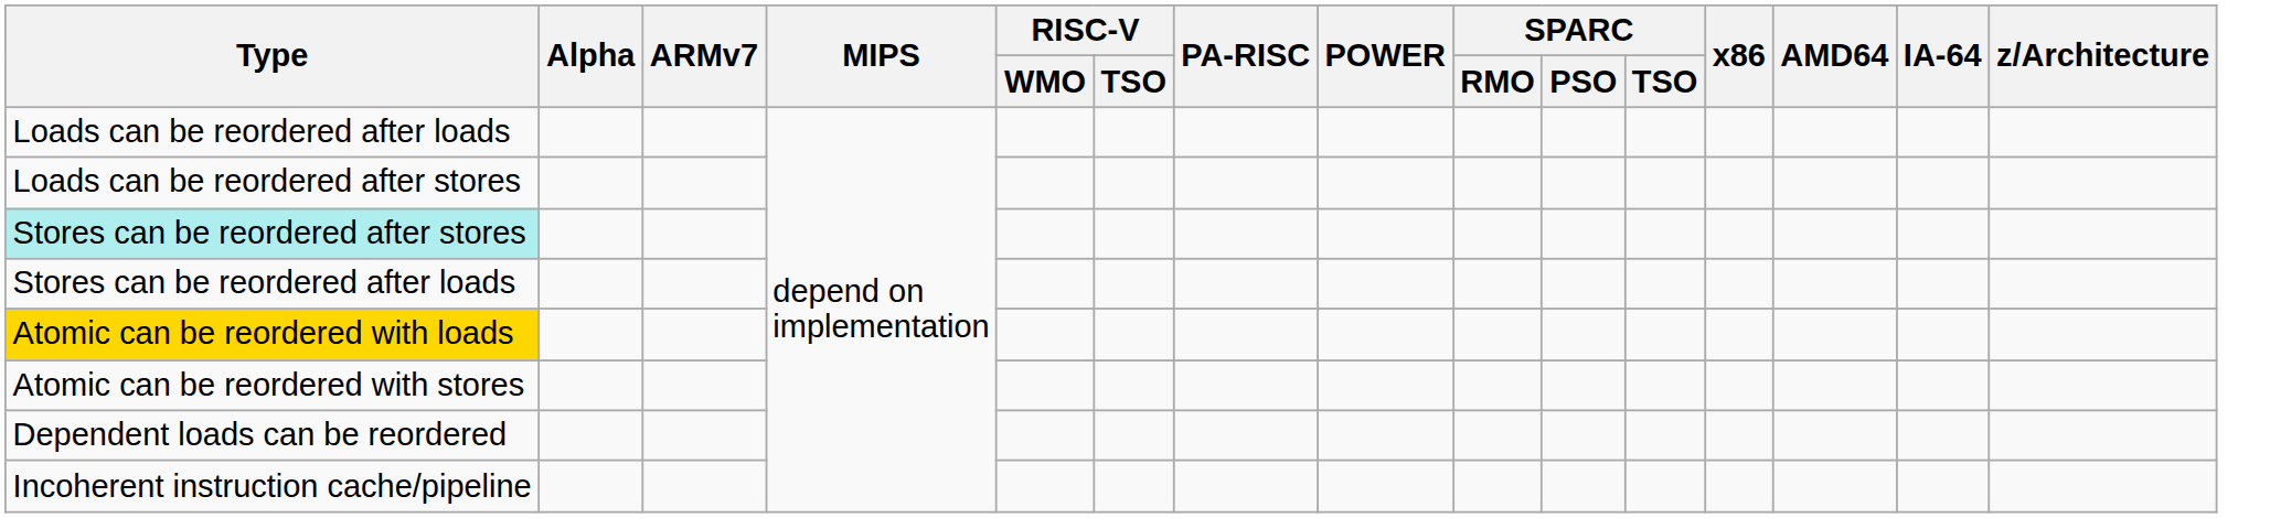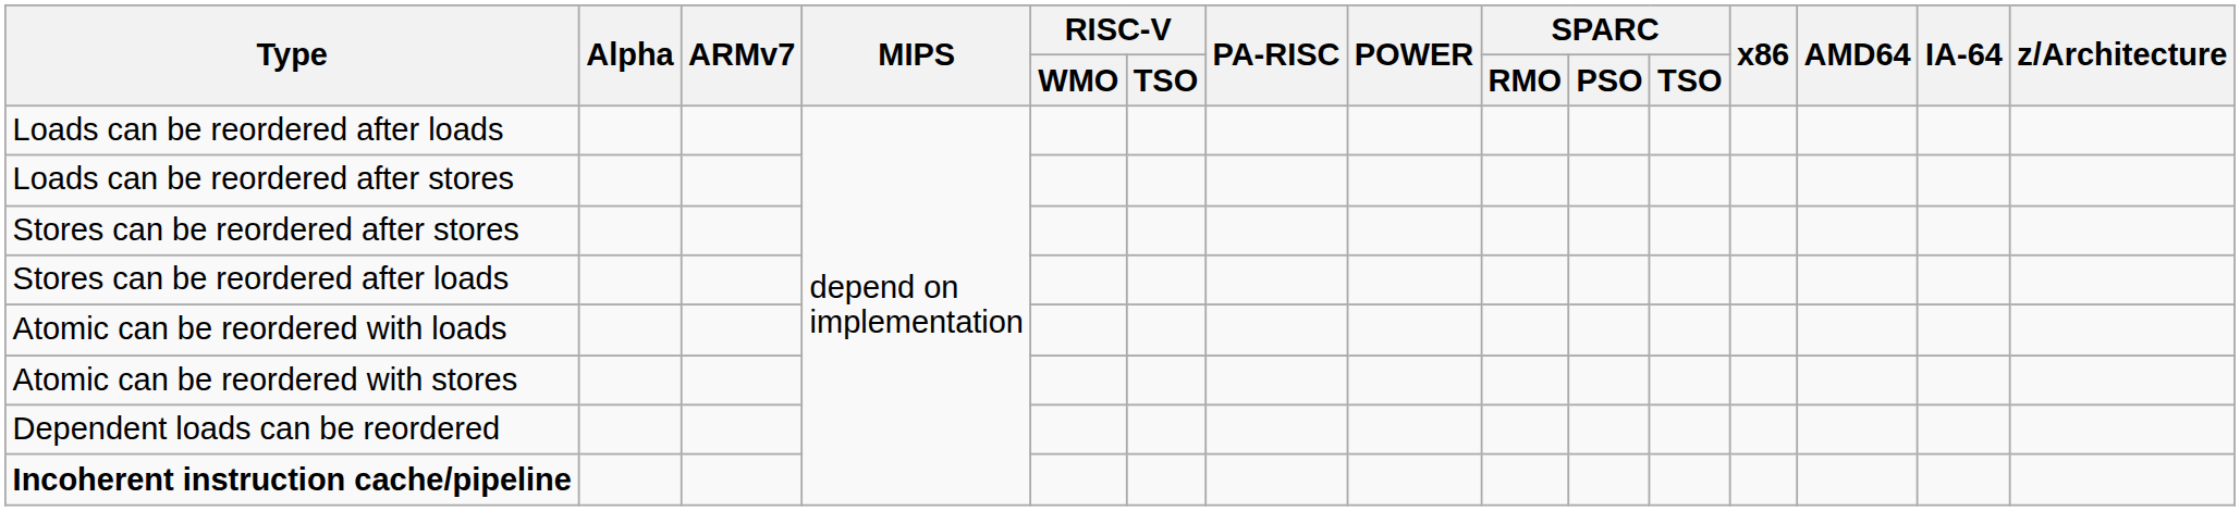 <table class=wikitable>
 <tr>
 <th rowspan=2>Type</th>
 <th rowspan=2>Alpha</th>
 <th rowspan=2>ARMv7</th>
 <th rowspan=2>MIPS</th>
 <th colspan=2>RISC-V</th>
 <th rowspan=2>PA-RISC</th>
 <th rowspan=2>POWER</th>
 <th colspan=3>SPARC</th>
 <th rowspan=2>x86 </th>
 <th rowspan=2>AMD64</th>
 <th rowspan=2>IA-64</th>
 <th rowspan=2>z/Architecture</th>
 </tr>
 <tr>
 <th>WMO</th>
 <th>TSO</th>
 <th>RMO</th>
 <th>PSO</th>
 <th>TSO</th>
 </tr>
 <tr>
 <td>Loads can be reordered after loads</td>
 <td></td>
 <td></td>
 <td rowspan=8>depend on<br>implementation</td>
 <td></td>
 <td></td>
 <td></td>
 <td></td>
 <td></td>
 <td></td>
 <td></td>
 <td></td>
 <td></td>
 <td></td>
 <td></td>
 </tr>
 <tr>
 <td>Loads can be reordered after stores</td>
 <td></td>
 <td></td>
 <td></td>
 <td></td>
 <td></td>
 <td></td>
 <td></td>
 <td></td>
 <td></td>
 <td></td>
 <td></td>
 <td></td>
 <td></td>
 </tr>
 <tr>
-<td style="background: paleturquoise;">Stores can be reordered after stores</td>
+<td>Stores can be reordered after stores</td>
 <td></td>
 <td></td>
 <td></td>
 <td></td>
 <td></td>
 <td></td>
 <td></td>
 <td></td>
 <td></td>
 <td></td>
 <td></td>
 <td></td>
 <td></td>
 </tr>
 <tr>
 <td>Stores can be reordered after loads</td>
 <td></td>
 <td></td>
 <td></td>
 <td></td>
 <td></td>
 <td></td>
 <td></td>
 <td></td>
 <td></td>
 <td></td>
 <td></td>
 <td></td>
 <td></td>
 </tr>
 <tr>
-<td style="background: gold;">Atomic can be reordered with loads</td>
+<td>Atomic can be reordered with loads</td>
 <td></td>
 <td></td>
 <td></td>
 <td></td>
 <td></td>
 <td></td>
 <td></td>
 <td></td>
 <td></td>
 <td></td>
 <td></td>
 <td></td>
 <td></td>
 </tr>
 <tr>
 <td>Atomic can be reordered with stores</td>
 <td></td>
 <td></td>
 <td></td>
 <td></td>
 <td></td>
 <td></td>
 <td></td>
 <td></td>
 <td></td>
 <td></td>
 <td></td>
 <td></td>
 <td></td>
 </tr>
 <tr>
 <td>Dependent loads can be reordered</td>
 <td></td>
 <td></td>
 <td></td>
 <td></td>
 <td></td>
 <td></td>
 <td></td>
 <td></td>
 <td></td>
 <td></td>
 <td></td>
 <td></td>
 <td></td>
 </tr>
 <tr>
-<td>Incoherent instruction cache/pipeline</td>
+<td><strong>Incoherent instruction cache/pipeline</strong></td>
 <td></td>
 <td></td>
 <td></td>
 <td></td>
 <td></td>
 <td></td>
 <td></td>
 <td></td>
 <td></td>
 <td></td>
 <td></td>
 <td></td>
 <td></td>
 </tr>
 </table>
